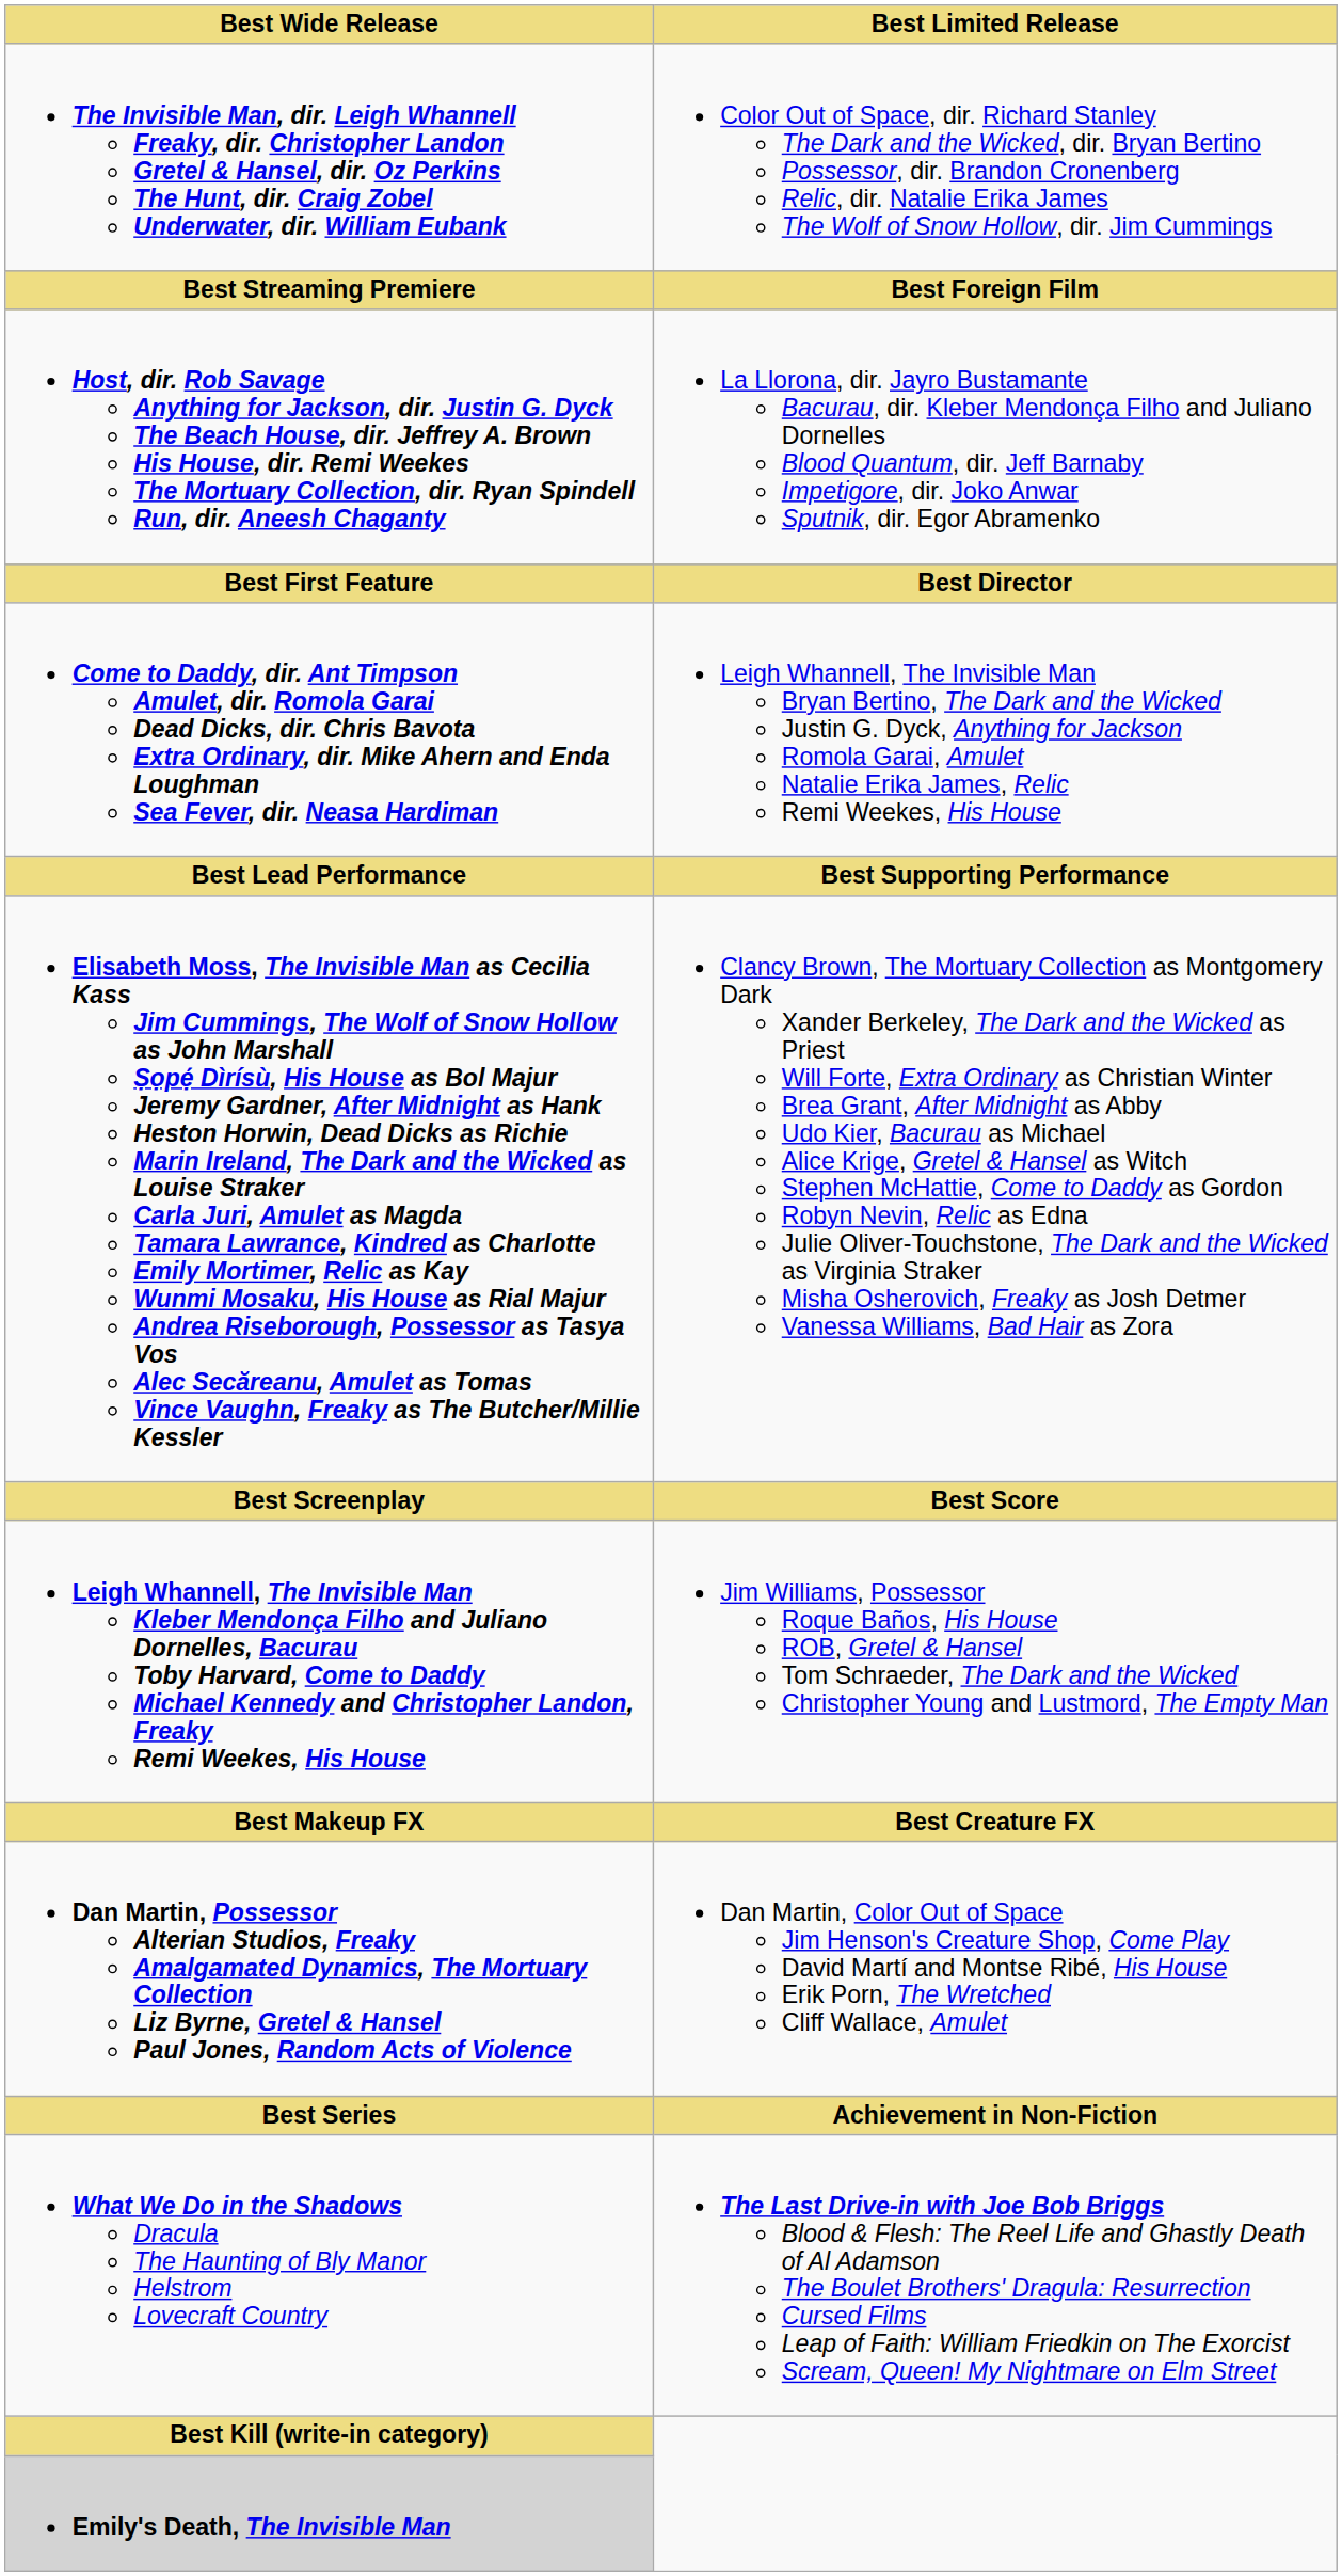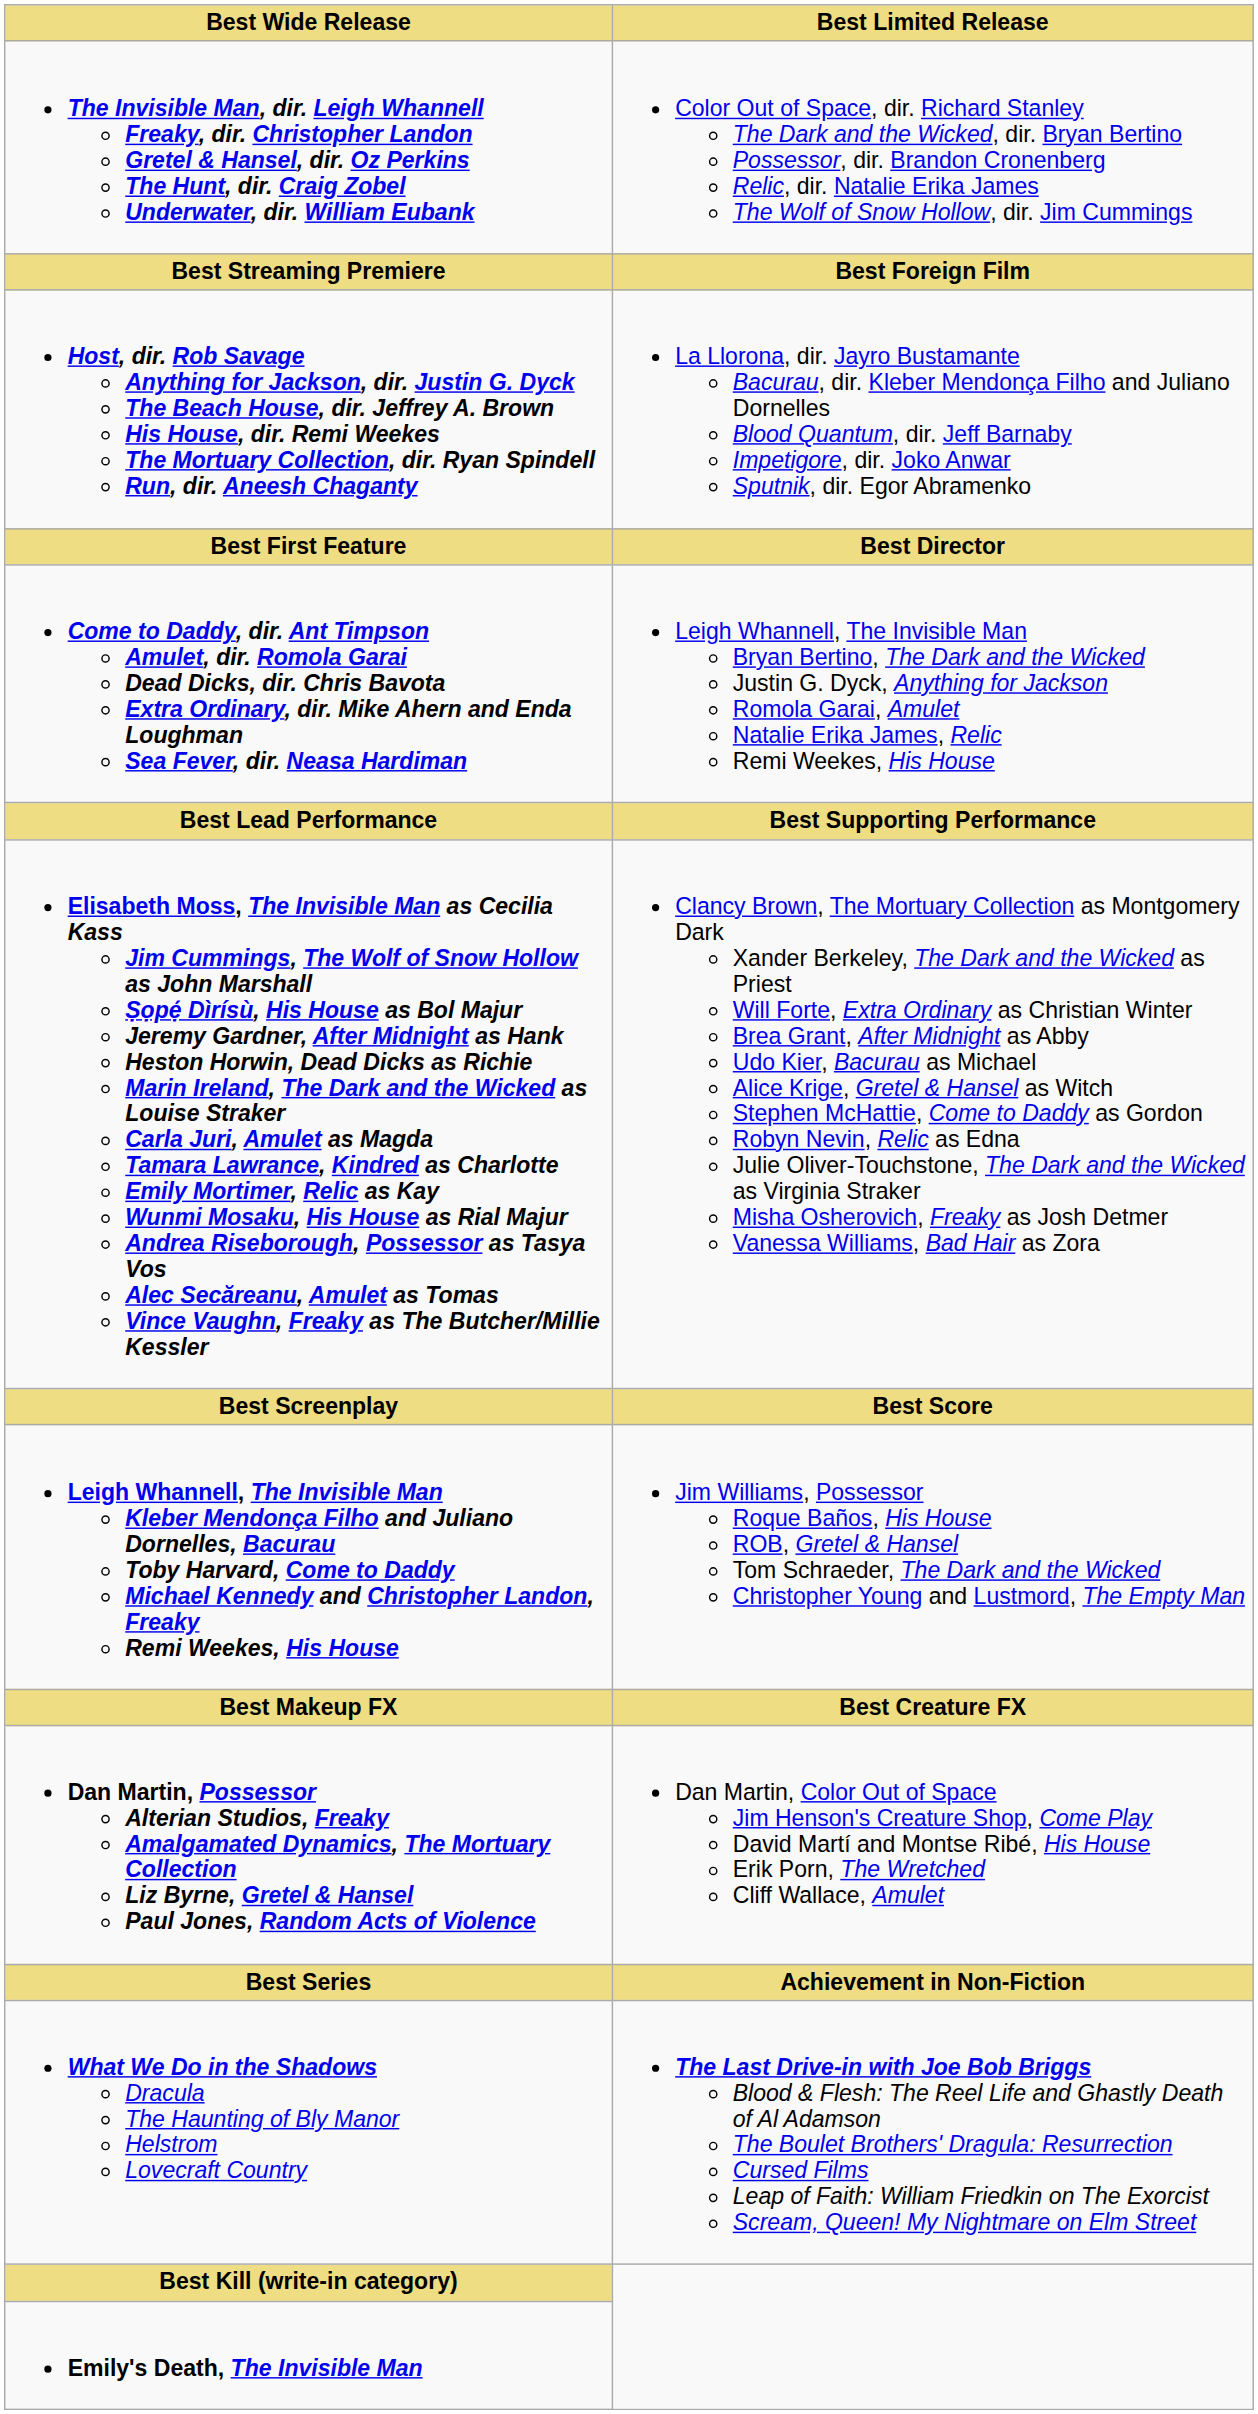 <table class=wikitable style="width="100%">
 <tr>
 <th style="background:#EEDD82">Best Wide Release</th>
 <th style="background:#EEDD82">Best Limited Release</th>
 </tr>
 <tr>
 <td valign="top"><br><ul><li><strong><em><a href='#'>The Invisible Man</a><em>, dir. <a href='#'>Leigh Whannell</a><strong><ul><li></em><a href='#'>Freaky</a><em>, dir. <a href='#'>Christopher Landon</a></li><li></em><a href='#'>Gretel & Hansel</a><em>, dir. <a href='#'>Oz Perkins</a></li><li></em><a href='#'>The Hunt</a><em>, dir. <a href='#'>Craig Zobel</a></li><li></em><a href='#'>Underwater</a><em>, dir. <a href='#'>William Eubank</a></li></ul></li></ul></td>
 <td valign="top"><br><ul><li></em></strong><a href='#'>Color Out of Space</a></em>, dir. <a href='#'>Richard Stanley</a></strong><ul><li><em><a href='#'>The Dark and the Wicked</a></em>, dir. <a href='#'>Bryan Bertino</a></li><li><em><a href='#'>Possessor</a></em>, dir. <a href='#'>Brandon Cronenberg</a></li><li><em><a href='#'>Relic</a></em>, dir. <a href='#'>Natalie Erika James</a></li><li><em><a href='#'>The Wolf of Snow Hollow</a></em>, dir. <a href='#'>Jim Cummings</a></li></ul></li></ul></td>
 </tr>
 <tr>
 <th style="background:#EEDD82">Best Streaming Premiere</th>
 <th style="background:#EEDD82">Best Foreign Film</th>
 </tr>
 <tr>
 <td valign="top"><br><ul><li><strong><em><a href='#'>Host</a><em>, dir. <a href='#'>Rob Savage</a><strong><ul><li></em><a href='#'>Anything for Jackson</a><em>, dir. <a href='#'>Justin G. Dyck</a></li><li></em><a href='#'>The Beach House</a><em>, dir. Jeffrey A. Brown</li><li></em><a href='#'>His House</a><em>, dir. Remi Weekes</li><li></em><a href='#'>The Mortuary Collection</a><em>, dir. Ryan Spindell</li><li></em><a href='#'>Run</a><em>, dir. <a href='#'>Aneesh Chaganty</a></li></ul></li></ul></td>
 <td valign="top"><br><ul><li></em></strong><a href='#'>La Llorona</a></em>, dir. <a href='#'>Jayro Bustamante</a></strong><ul><li><em><a href='#'>Bacurau</a></em>, dir. <a href='#'>Kleber Mendonça Filho</a> and Juliano Dornelles</li><li><em><a href='#'>Blood Quantum</a></em>, dir. <a href='#'>Jeff Barnaby</a></li><li><em><a href='#'>Impetigore</a></em>, dir. <a href='#'>Joko Anwar</a></li><li><em><a href='#'>Sputnik</a></em>, dir.  Egor Abramenko</li></ul></li></ul></td>
 </tr>
 <tr>
 <th style="background:#EEDD82">Best First Feature</th>
 <th style="background:#EEDD82">Best Director</th>
 </tr>
 <tr>
 <td valign="top"><br><ul><li><strong><em><a href='#'>Come to Daddy</a><em>, dir. <a href='#'>Ant Timpson</a><strong><ul><li></em><a href='#'>Amulet</a><em>, dir. <a href='#'>Romola Garai</a></li><li></em>Dead Dicks<em>, dir. Chris Bavota</li><li></em><a href='#'>Extra Ordinary</a><em>, dir. Mike Ahern and Enda Loughman</li><li></em><a href='#'>Sea Fever</a><em>, dir. <a href='#'>Neasa Hardiman</a></li></ul></li></ul></td>
 <td valign="top"><br><ul><li></strong><a href='#'>Leigh Whannell</a>, </em><a href='#'>The Invisible Man</a></em></strong><ul><li><a href='#'>Bryan Bertino</a>, <em><a href='#'>The Dark and the Wicked</a></em></li><li>Justin G. Dyck, <em><a href='#'>Anything for Jackson</a></em></li><li><a href='#'>Romola Garai</a>, <em><a href='#'>Amulet</a></em></li><li><a href='#'>Natalie Erika James</a>, <em><a href='#'>Relic</a></em></li><li>Remi Weekes, <em><a href='#'>His House</a></em></li></ul></li></ul></td>
 </tr>
 <tr>
 <th style="background:#EEDD82">Best Lead Performance</th>
 <th style="background:#EEDD82">Best Supporting Performance</th>
 </tr>
 <tr>
 <td valign="top"><br><ul><li><strong><a href='#'>Elisabeth Moss</a>, <em><a href='#'>The Invisible Man</a><strong><em> as Cecilia Kass<ul><li><a href='#'>Jim Cummings</a>, </em><a href='#'>The Wolf of Snow Hollow</a><em> as John Marshall</li><li><a href='#'>Ṣọpẹ́ Dìrísù</a>, </em><a href='#'>His House</a><em> as Bol Majur</li><li>Jeremy Gardner, </em><a href='#'>After Midnight</a><em> as Hank</li><li>Heston Horwin, </em>Dead Dicks<em> as Richie</li><li><a href='#'>Marin Ireland</a>, </em><a href='#'>The Dark and the Wicked</a><em> as Louise Straker</li><li><a href='#'>Carla Juri</a>, </em><a href='#'>Amulet</a><em> as Magda</li><li><a href='#'>Tamara Lawrance</a>, </em><a href='#'>Kindred</a><em> as Charlotte</li><li><a href='#'>Emily Mortimer</a>, </em><a href='#'>Relic</a><em> as Kay</li><li><a href='#'>Wunmi Mosaku</a>, </em><a href='#'>His House</a><em> as Rial Majur</li><li><a href='#'>Andrea Riseborough</a>, </em><a href='#'>Possessor</a><em> as Tasya Vos</li><li><a href='#'>Alec Secăreanu</a>, </em><a href='#'>Amulet</a><em> as Tomas</li><li><a href='#'>Vince Vaughn</a>, </em><a href='#'>Freaky</a><em> as The Butcher/Millie Kessler</li></ul></li></ul></td>
 <td valign="top"><br><ul><li></strong><a href='#'>Clancy Brown</a>, </em><a href='#'>The Mortuary Collection</a></em></strong> as Montgomery Dark<ul><li>Xander Berkeley, <em><a href='#'>The Dark and the Wicked</a></em> as Priest</li><li><a href='#'>Will Forte</a>, <em><a href='#'>Extra Ordinary</a></em> as Christian Winter</li><li><a href='#'>Brea Grant</a>, <em><a href='#'>After Midnight</a></em> as Abby</li><li><a href='#'>Udo Kier</a>, <em><a href='#'>Bacurau</a></em> as Michael</li><li><a href='#'>Alice Krige</a>, <em><a href='#'>Gretel & Hansel</a></em> as Witch</li><li><a href='#'>Stephen McHattie</a>, <em><a href='#'>Come to Daddy</a></em> as Gordon</li><li><a href='#'>Robyn Nevin</a>, <em><a href='#'>Relic</a></em> as Edna</li><li>Julie Oliver-Touchstone, <em><a href='#'>The Dark and the Wicked</a></em> as Virginia Straker</li><li><a href='#'>Misha Osherovich</a>, <em><a href='#'>Freaky</a></em> as Josh Detmer</li><li><a href='#'>Vanessa Williams</a>, <em><a href='#'>Bad Hair</a></em> as Zora</li></ul></li></ul></td>
 </tr>
 <tr>
 <th style="background:#EEDD82">Best Screenplay</th>
 <th style="background:#EEDD82">Best Score</th>
 </tr>
 <tr>
 <td valign="top"><br><ul><li><strong><a href='#'>Leigh Whannell</a>, <em><a href='#'>The Invisible Man</a><strong><em><ul><li><a href='#'>Kleber Mendonça Filho</a> and Juliano Dornelles, </em><a href='#'>Bacurau</a><em></li><li>Toby Harvard, </em><a href='#'>Come to Daddy</a><em></li><li><a href='#'>Michael Kennedy</a> and <a href='#'>Christopher Landon</a>, </em><a href='#'>Freaky</a><em></li><li>Remi Weekes, </em><a href='#'>His House</a><em></li></ul></li></ul></td>
 <td valign="top"><br><ul><li></strong><a href='#'>Jim Williams</a>, </em><a href='#'>Possessor</a></em></strong><ul><li><a href='#'>Roque Baños</a>, <em><a href='#'>His House</a></em></li><li><a href='#'>ROB</a>, <em><a href='#'>Gretel & Hansel</a></em></li><li>Tom Schraeder, <em><a href='#'>The Dark and the Wicked</a></em></li><li><a href='#'>Christopher Young</a> and <a href='#'>Lustmord</a>, <em><a href='#'>The Empty Man</a></em></li></ul></li></ul></td>
 </tr>
 <tr>
 <th style="background:#EEDD82">Best Makeup FX</th>
 <th style="background:#EEDD82">Best Creature FX</th>
 </tr>
 <tr>
 <td valign="top"><br><ul><li><strong>Dan Martin, <em><a href='#'>Possessor</a><strong><em><ul><li>Alterian Studios, </em><a href='#'>Freaky</a><em></li><li><a href='#'>Amalgamated Dynamics</a>, </em><a href='#'>The Mortuary Collection</a><em></li><li>Liz Byrne, </em><a href='#'>Gretel & Hansel</a><em></li><li>Paul Jones, </em><a href='#'>Random Acts of Violence</a><em></li></ul></li></ul></td>
 <td valign="top"><br><ul><li></strong>Dan Martin, </em><a href='#'>Color Out of Space</a></em></strong><ul><li><a href='#'>Jim Henson's Creature Shop</a>, <em><a href='#'>Come Play</a></em></li><li>David Martí and Montse Ribé, <em><a href='#'>His House</a></em></li><li>Erik Porn, <em><a href='#'>The Wretched</a></em></li><li>Cliff Wallace, <em><a href='#'>Amulet</a></em></li></ul></li></ul></td>
 </tr>
 <tr>
 <th style="background:#EEDD82">Best Series</th>
 <th style="background:#EEDD82">Achievement in Non-Fiction</th>
 </tr>
 <tr>
 <td valign="top"><br><ul><li><strong><em><a href='#'>What We Do in the Shadows</a></em></strong><ul><li><em><a href='#'>Dracula</a></em></li><li><em><a href='#'>The Haunting of Bly Manor</a></em></li><li><em><a href='#'>Helstrom</a></em></li><li><em><a href='#'>Lovecraft Country</a></em></li></ul></li></ul></td>
 <td valign="top"><br><ul><li><strong><em><a href='#'>The Last Drive-in with Joe Bob Briggs</a></em></strong><ul><li><em>Blood & Flesh: The Reel Life and Ghastly Death of Al Adamson</em></li><li><em><a href='#'>The Boulet Brothers' Dragula: Resurrection</a></em></li><li><em><a href='#'>Cursed Films</a></em></li><li><em>Leap of Faith: William Friedkin on The Exorcist</em></li><li><em><a href='#'>Scream, Queen! My Nightmare on Elm Street</a></em></li></ul></li></ul></td>
 </tr>
 <tr>
 <th style="background:#EEDD82">Best Kill (write-in category)</th>
 </tr>
 <tr>
-<td valign="top" style="background: lightgrey;"><br><ul><li><strong>Emily's Death, <em><a href='#'>The Invisible Man</a><strong><em></li></ul></td>
+<td valign="top"><br><ul><li><strong>Emily's Death, <em><a href='#'>The Invisible Man</a><strong><em></li></ul></td>
 </tr>
 <tr>
 </tr>
 </table>
